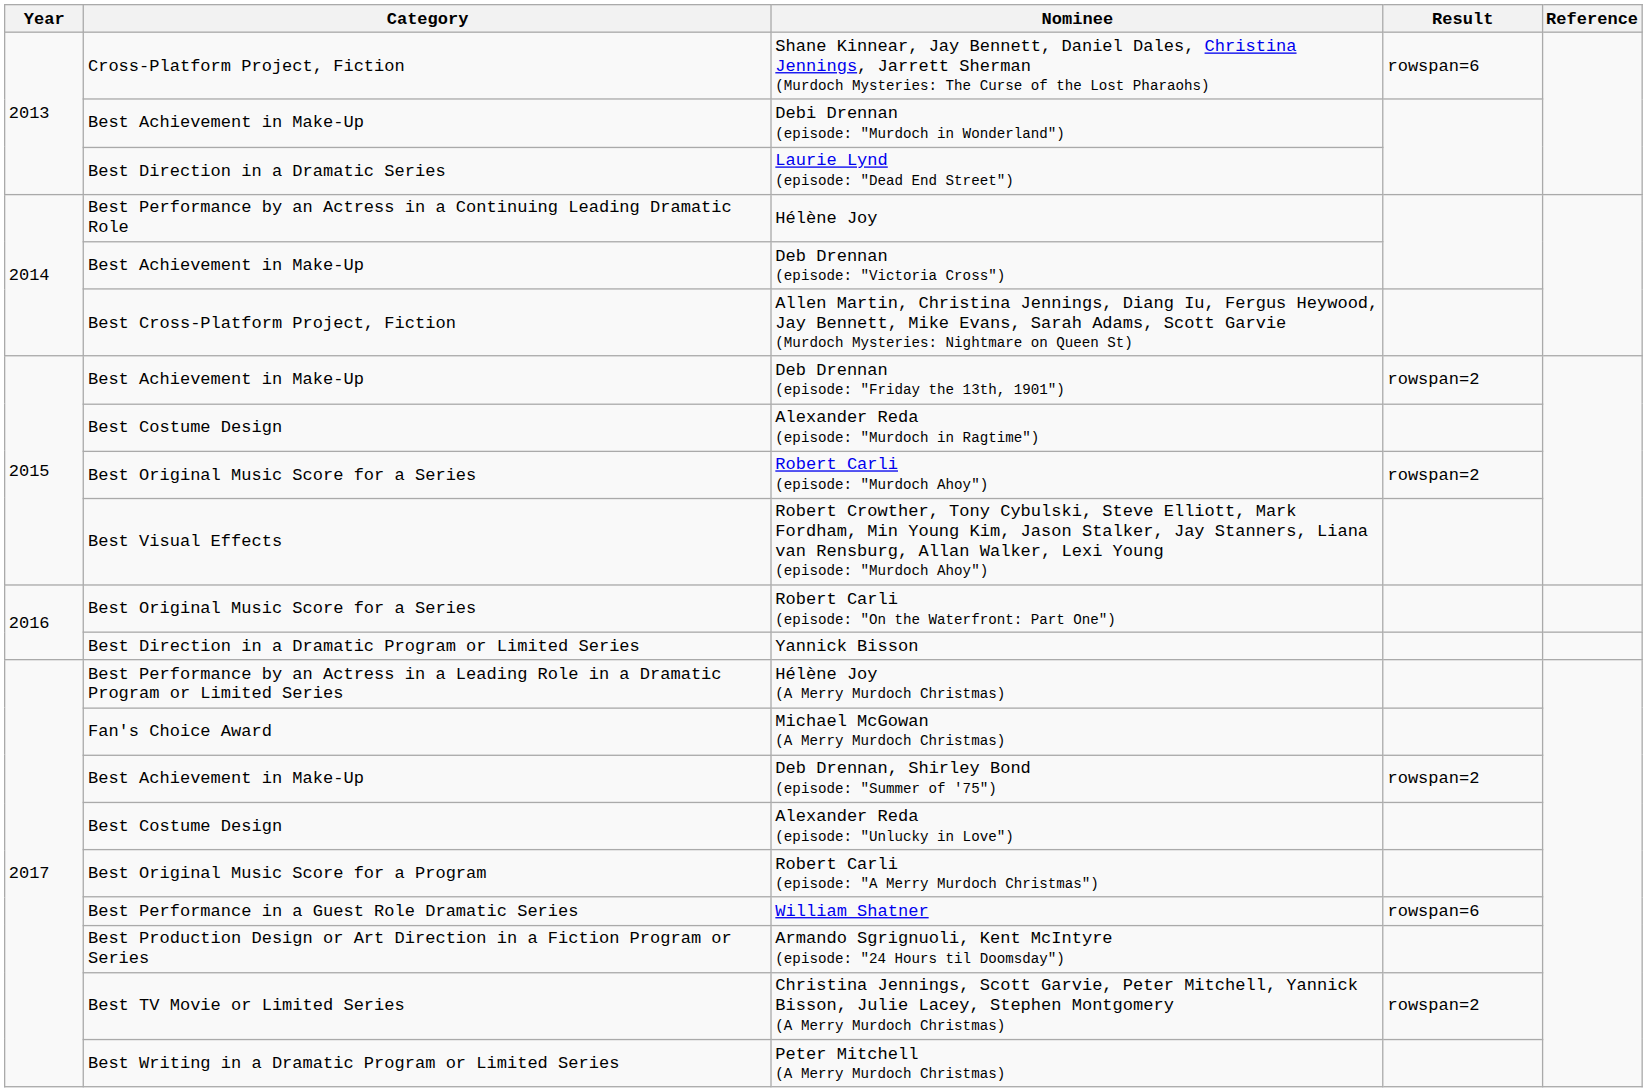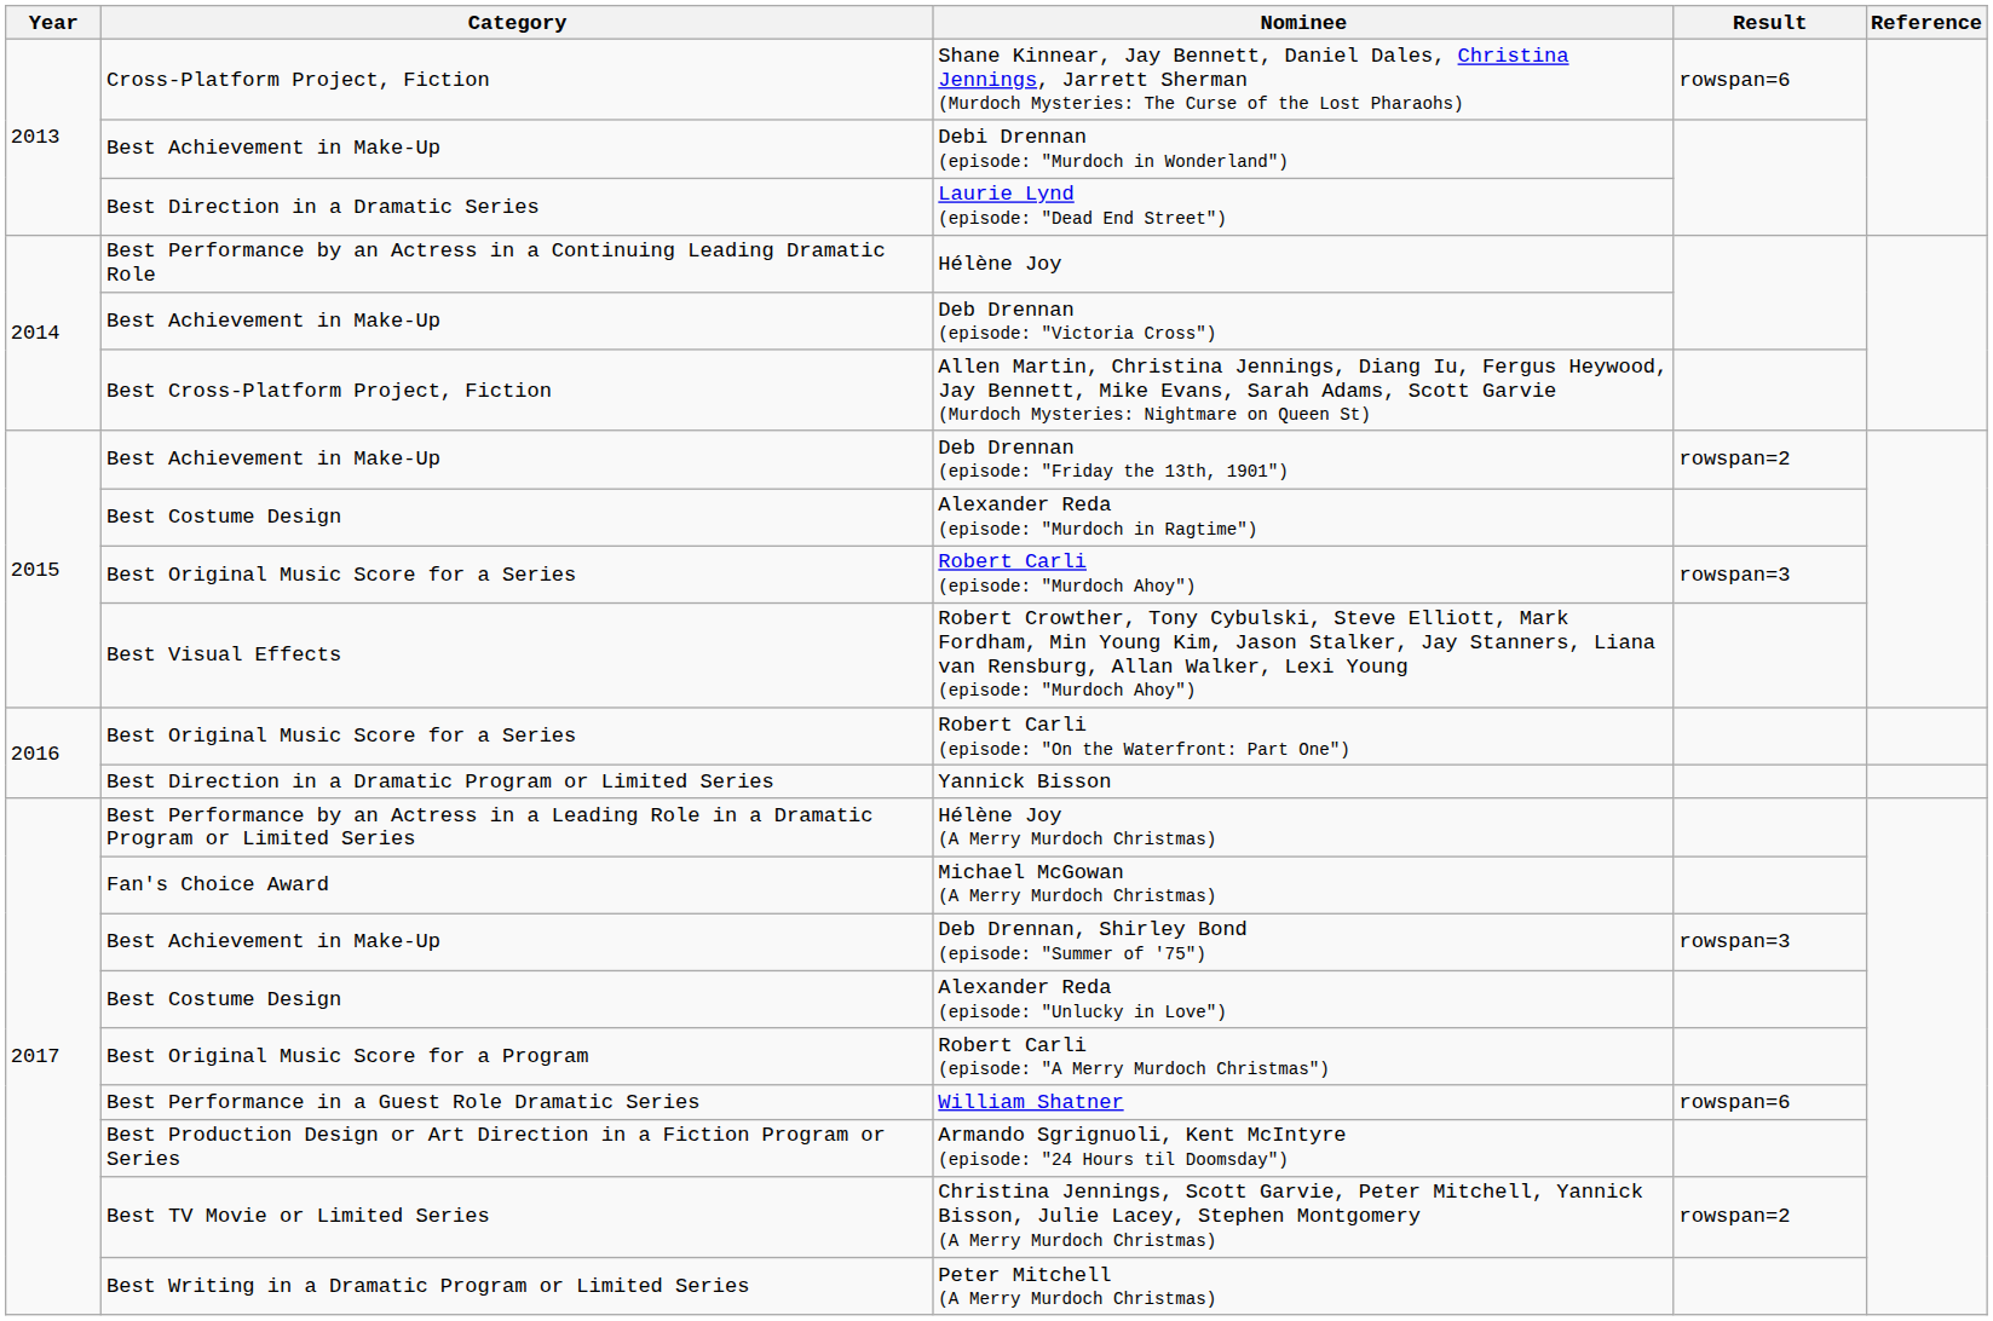 <table class="wikitable">
 <tr>
 <th width=5%>Year</th>
 <th width=45%>Category</th>
 <th width=40%>Nominee</th>
 <th width=10%>Result</th>
 <th width=5%>Reference</th>
 </tr>
 <tr>
 <td rowspan=3>2013</td>
 <td>Cross-Platform Project, Fiction</td>
 <td>Shane Kinnear, Jay Bennett, Daniel Dales, <a href='#'>Christina Jennings</a>, Jarrett Sherman<br><small>(Murdoch Mysteries: The Curse of the Lost Pharaohs)</small></td>
 <td>rowspan=6 </td>
 <td rowspan=3></td>
 </tr>
 <tr>
 <td>Best Achievement in Make-Up</td>
 <td>Debi Drennan<br><small>(episode: "Murdoch in Wonderland")</small></td>
 </tr>
 <tr>
 <td>Best Direction in a Dramatic Series</td>
 <td><a href='#'>Laurie Lynd</a><br><small>(episode: "Dead End Street")</small></td>
 </tr>
 <tr>
 <td rowspan=3>2014</td>
 <td>Best Performance by an Actress in a Continuing Leading Dramatic Role</td>
 <td>Hélène Joy</td>
 <td rowspan=2></td>
 </tr>
 <tr>
 <td>Best Achievement in Make‐Up</td>
 <td>Deb Drennan<br><small>(episode: "Victoria Cross")</small></td>
 </tr>
 <tr>
 <td>Best Cross‐Platform Project, Fiction</td>
 <td>Allen Martin, Christina Jennings, Diang Iu, Fergus Heywood, Jay Bennett, Mike Evans, Sarah Adams, Scott Garvie<br><small>(Murdoch Mysteries: Nightmare on Queen St)</small></td>
 <td></td>
 </tr>
 <tr>
 <td rowspan=4>2015</td>
 <td>Best Achievement in Make-Up</td>
 <td>Deb Drennan<br><small>(episode: "Friday the 13th, 1901")</small></td>
 <td>rowspan=2 </td>
 <td rowspan=4></td>
 </tr>
 <tr>
 <td>Best Costume Design</td>
 <td>Alexander Reda<br><small>(episode: "Murdoch in Ragtime")</small></td>
 </tr>
 <tr>
 <td>Best Original Music Score for a Series</td>
 <td><a href='#'>Robert Carli</a><br><small>(episode: "Murdoch Ahoy")</small></td>
-<td>rowspan=2 </td>
+<td>rowspan=3 </td>
 </tr>
 <tr>
 <td>Best Visual Effects</td>
 <td>Robert Crowther, Tony Cybulski, Steve Elliott, Mark Fordham, Min Young Kim, Jason Stalker, Jay Stanners, Liana van Rensburg, Allan Walker, Lexi Young<br><small>(episode: "Murdoch Ahoy")</small></td>
 </tr>
 <tr>
 <td rowspan=2>2016</td>
 <td>Best Original Music Score for a Series</td>
 <td>Robert Carli<br><small>(episode: "On the Waterfront: Part One")</small></td>
 <td></td>
 </tr>
 <tr>
 <td>Best Direction in a Dramatic Program or Limited Series</td>
 <td>Yannick Bisson</td>
 <td></td>
 <td></td>
 </tr>
 <tr>
 <td rowspan=9>2017</td>
 <td>Best Performance by an Actress in a Leading Role in a Dramatic Program or Limited Series</td>
 <td>Hélène Joy<br><small>(A Merry Murdoch Christmas)</small></td>
 <td></td>
 <td rowspan="9"></td>
 </tr>
 <tr>
 <td>Fan's Choice Award</td>
 <td>Michael McGowan<br><small>(A Merry Murdoch Christmas)</small></td>
 <td></td>
 </tr>
 <tr>
 <td>Best Achievement in Make-Up</td>
 <td>Deb Drennan, Shirley Bond<br><small>(episode: "Summer of '75")</small></td>
-<td>rowspan=2 </td>
+<td>rowspan=3 </td>
 </tr>
 <tr>
 <td>Best Costume Design</td>
 <td>Alexander Reda<br><small>(episode: "Unlucky in Love")</small></td>
 </tr>
 <tr>
 <td>Best Original Music Score for a Program</td>
 <td>Robert Carli<br><small>(episode: "A Merry Murdoch Christmas")</small></td>
 <td></td>
 </tr>
 <tr>
 <td>Best Performance in a Guest Role Dramatic Series</td>
 <td><a href='#'>William Shatner</a></td>
 <td>rowspan=6 </td>
 </tr>
 <tr>
 <td>Best Production Design or Art Direction in a Fiction Program or Series</td>
 <td>Armando Sgrignuoli, Kent McIntyre<br><small>(episode: "24 Hours til Doomsday")</small></td>
 </tr>
 <tr>
 <td>Best TV Movie or Limited Series</td>
 <td>Christina Jennings, Scott Garvie, Peter Mitchell, Yannick Bisson, Julie Lacey, Stephen Montgomery<br><small>(A Merry Murdoch Christmas)</small></td>
 <td>rowspan=2 </td>
 </tr>
 <tr>
 <td>Best Writing in a Dramatic Program or Limited Series</td>
 <td>Peter Mitchell<br><small>(A Merry Murdoch Christmas)</small></td>
 </tr>
 </table>
